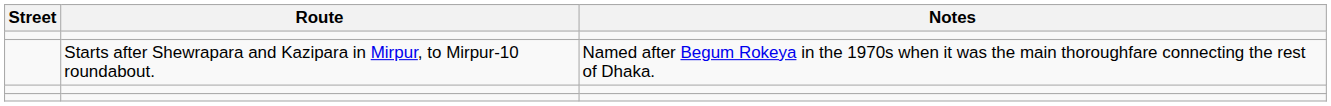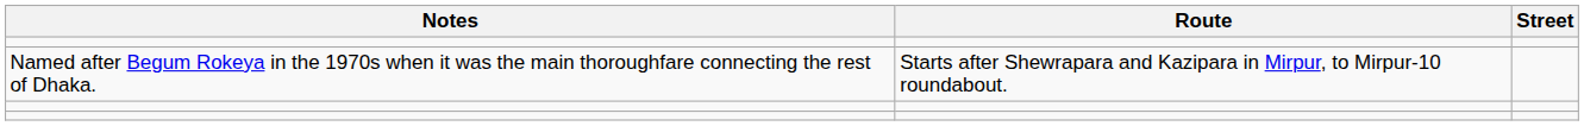 <table class="wikitable">
 <tr>
+<th>Notes</th>
+<th>Route</th>
 <th>Street</th>
-<th>Route</th>
-<th>Notes</th>
 </tr>
 <tr>
 <td></td>
 <td></td>
 <td></td>
 </tr>
 <tr>
+<td>Named after <a href='#'>Begum Rokeya</a> in the 1970s when it was the main thoroughfare connecting the rest of Dhaka.</td>
+<td>Starts after Shewrapara and Kazipara in <a href='#'>Mirpur</a>, to Mirpur-10 roundabout.</td>
 <td></td>
-<td>Starts after Shewrapara and Kazipara in <a href='#'>Mirpur</a>, to Mirpur-10 roundabout.</td>
-<td>Named after <a href='#'>Begum Rokeya</a> in the 1970s when it was the main thoroughfare connecting the rest of Dhaka.</td>
 </tr>
 <tr>
 <td></td>
 <td></td>
 <td></td>
 </tr>
 <tr>
 <td></td>
 <td></td>
 <td></td>
 </tr>
 </table>
